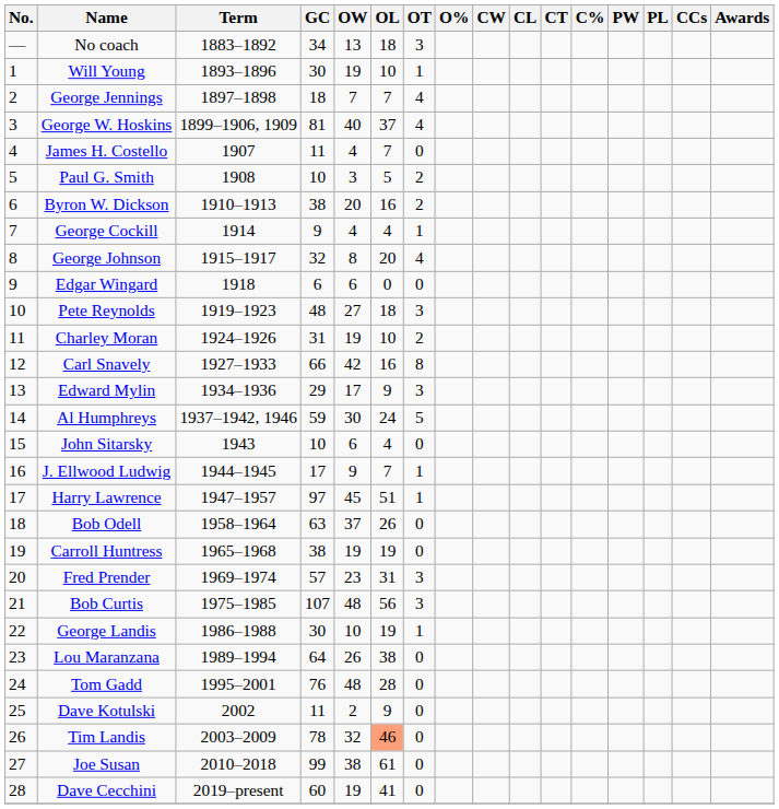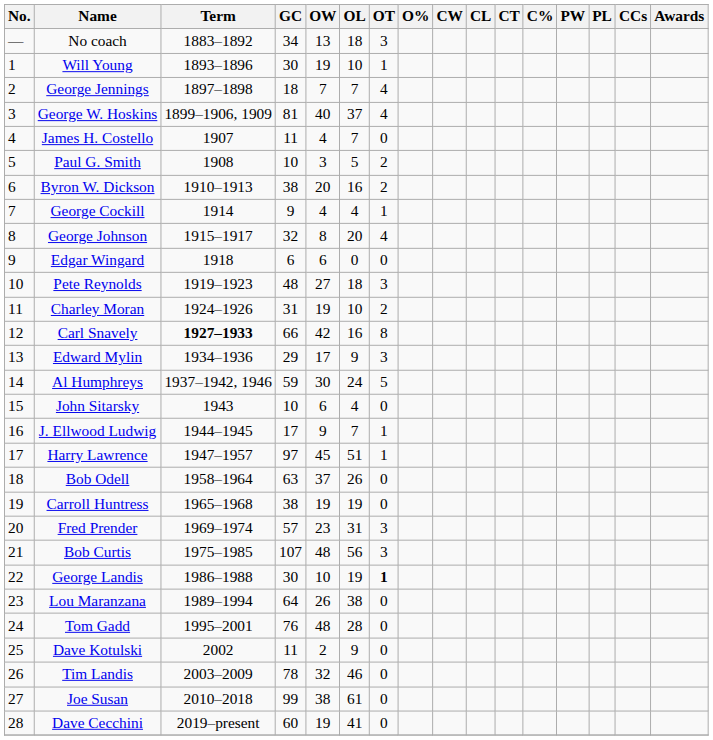 <table class="wikitable sortable">
 <tr>
 <th>No.</th>
 <th>Name</th>
 <th>Term</th>
 <th>GC</th>
 <th>OW</th>
 <th>OL</th>
 <th>OT</th>
 <th>O%</th>
 <th>CW</th>
 <th>CL</th>
 <th>CT</th>
 <th>C%</th>
 <th>PW</th>
 <th>PL</th>
 <th>CCs</th>
 <th class="unsortable">Awards</th>
 </tr>
 <tr>
 <td>—</td>
 <td align="center">No coach</td>
 <td align="center">1883–1892</td>
 <td align="center">34</td>
 <td align="center">13</td>
 <td align="center">18</td>
 <td align="center">3</td>
 <td align="center"></td>
 <td align="center"></td>
 <td align="center"></td>
 <td align="center"></td>
 <td align="center"></td>
 <td align="center"></td>
 <td align="center"></td>
 <td align="center"></td>
 <td align="center"></td>
 </tr>
 <tr>
 <td>1</td>
 <td align="center"><a href='#'>Will Young</a></td>
 <td align="center">1893–1896</td>
 <td align="center">30</td>
 <td align="center">19</td>
 <td align="center">10</td>
 <td align="center">1</td>
 <td align="center"></td>
 <td align="center"></td>
 <td align="center"></td>
 <td align="center"></td>
 <td align="center"></td>
 <td align="center"></td>
 <td align="center"></td>
 <td align="center"></td>
 <td align="center"></td>
 </tr>
 <tr>
 <td>2</td>
 <td align="center"><a href='#'>George Jennings</a></td>
 <td align="center">1897–1898</td>
 <td align="center">18</td>
 <td align="center">7</td>
 <td align="center">7</td>
 <td align="center">4</td>
 <td align="center"></td>
 <td align="center"></td>
 <td align="center"></td>
 <td align="center"></td>
 <td align="center"></td>
 <td align="center"></td>
 <td align="center"></td>
 <td align="center"></td>
 <td align="center"></td>
 </tr>
 <tr>
 <td>3</td>
 <td align="center"><a href='#'>George W. Hoskins</a></td>
 <td align="center">1899–1906, 1909</td>
 <td align="center">81</td>
 <td align="center">40</td>
 <td align="center">37</td>
 <td align="center">4</td>
 <td align="center"></td>
 <td align="center"></td>
 <td align="center"></td>
 <td align="center"></td>
 <td align="center"></td>
 <td align="center"></td>
 <td align="center"></td>
 <td align="center"></td>
 <td align="center"></td>
 </tr>
 <tr>
 <td>4</td>
 <td align="center"><a href='#'>James H. Costello</a></td>
 <td align="center">1907</td>
 <td align="center">11</td>
 <td align="center">4</td>
 <td align="center">7</td>
 <td align="center">0</td>
 <td align="center"></td>
 <td align="center"></td>
 <td align="center"></td>
 <td align="center"></td>
 <td align="center"></td>
 <td align="center"></td>
 <td align="center"></td>
 <td align="center"></td>
 <td align="center"></td>
 </tr>
 <tr>
 <td>5</td>
 <td align="center"><a href='#'>Paul G. Smith</a></td>
 <td align="center">1908</td>
 <td align="center">10</td>
 <td align="center">3</td>
 <td align="center">5</td>
 <td align="center">2</td>
 <td align="center"></td>
 <td align="center"></td>
 <td align="center"></td>
 <td align="center"></td>
 <td align="center"></td>
 <td align="center"></td>
 <td align="center"></td>
 <td align="center"></td>
 <td align="center"></td>
 </tr>
 <tr>
 <td>6</td>
 <td align="center"><a href='#'>Byron W. Dickson</a></td>
 <td align="center">1910–1913</td>
 <td align="center">38</td>
 <td align="center">20</td>
 <td align="center">16</td>
 <td align="center">2</td>
 <td align="center"></td>
 <td align="center"></td>
 <td align="center"></td>
 <td align="center"></td>
 <td align="center"></td>
 <td align="center"></td>
 <td align="center"></td>
 <td align="center"></td>
 <td align="center"></td>
 </tr>
 <tr>
 <td>7</td>
 <td align="center"><a href='#'>George Cockill</a></td>
 <td align="center">1914</td>
 <td align="center">9</td>
 <td align="center">4</td>
 <td align="center">4</td>
 <td align="center">1</td>
 <td align="center"></td>
 <td align="center"></td>
 <td align="center"></td>
 <td align="center"></td>
 <td align="center"></td>
 <td align="center"></td>
 <td align="center"></td>
 <td align="center"></td>
 <td align="center"></td>
 </tr>
 <tr>
 <td>8</td>
 <td align="center"><a href='#'>George Johnson</a></td>
 <td align="center">1915–1917</td>
 <td align="center">32</td>
 <td align="center">8</td>
 <td align="center">20</td>
 <td align="center">4</td>
 <td align="center"></td>
 <td align="center"></td>
 <td align="center"></td>
 <td align="center"></td>
 <td align="center"></td>
 <td align="center"></td>
 <td align="center"></td>
 <td align="center"></td>
 <td align="center"></td>
 </tr>
 <tr>
 <td>9</td>
 <td align="center"><a href='#'>Edgar Wingard</a></td>
 <td align="center">1918</td>
 <td align="center">6</td>
 <td align="center">6</td>
 <td align="center">0</td>
 <td align="center">0</td>
 <td align="center"></td>
 <td align="center"></td>
 <td align="center"></td>
 <td align="center"></td>
 <td align="center"></td>
 <td align="center"></td>
 <td align="center"></td>
 <td align="center"></td>
 <td align="center"></td>
 </tr>
 <tr>
 <td>10</td>
 <td align="center"><a href='#'>Pete Reynolds</a></td>
 <td align="center">1919–1923</td>
 <td align="center">48</td>
 <td align="center">27</td>
 <td align="center">18</td>
 <td align="center">3</td>
 <td align="center"></td>
 <td align="center"></td>
 <td align="center"></td>
 <td align="center"></td>
 <td align="center"></td>
 <td align="center"></td>
 <td align="center"></td>
 <td align="center"></td>
 <td align="center"></td>
 </tr>
 <tr>
 <td>11</td>
 <td align="center"><a href='#'>Charley Moran</a></td>
 <td align="center">1924–1926</td>
 <td align="center">31</td>
 <td align="center">19</td>
 <td align="center">10</td>
 <td align="center">2</td>
 <td align="center"></td>
 <td align="center"></td>
 <td align="center"></td>
 <td align="center"></td>
 <td align="center"></td>
 <td align="center"></td>
 <td align="center"></td>
 <td align="center"></td>
 <td align="center"></td>
 </tr>
 <tr>
 <td>12</td>
 <td align="center"><a href='#'>Carl Snavely</a></td>
-<td align="center">1927–1933</td>
+<td align="center"><strong>1927–1933</strong></td>
 <td align="center">66</td>
 <td align="center">42</td>
 <td align="center">16</td>
 <td align="center">8</td>
 <td align="center"></td>
 <td align="center"></td>
 <td align="center"></td>
 <td align="center"></td>
 <td align="center"></td>
 <td align="center"></td>
 <td align="center"></td>
 <td align="center"></td>
 <td align="center"></td>
 </tr>
 <tr>
 <td>13</td>
 <td align="center"><a href='#'>Edward Mylin</a></td>
 <td align="center">1934–1936</td>
 <td align="center">29</td>
 <td align="center">17</td>
 <td align="center">9</td>
 <td align="center">3</td>
 <td align="center"></td>
 <td align="center"></td>
 <td align="center"></td>
 <td align="center"></td>
 <td align="center"></td>
 <td align="center"></td>
 <td align="center"></td>
 <td align="center"></td>
 <td align="center"></td>
 </tr>
 <tr>
 <td>14</td>
 <td align="center"><a href='#'>Al Humphreys</a></td>
 <td align="center">1937–1942, 1946</td>
 <td align="center">59</td>
 <td align="center">30</td>
 <td align="center">24</td>
 <td align="center">5</td>
 <td align="center"></td>
 <td align="center"></td>
 <td align="center"></td>
 <td align="center"></td>
 <td align="center"></td>
 <td align="center"></td>
 <td align="center"></td>
 <td align="center"></td>
 <td align="center"></td>
 </tr>
 <tr>
 <td>15</td>
 <td align="center"><a href='#'>John Sitarsky</a></td>
 <td align="center">1943</td>
 <td align="center">10</td>
 <td align="center">6</td>
 <td align="center">4</td>
 <td align="center">0</td>
 <td align="center"></td>
 <td align="center"></td>
 <td align="center"></td>
 <td align="center"></td>
 <td align="center"></td>
 <td align="center"></td>
 <td align="center"></td>
 <td align="center"></td>
 <td align="center"></td>
 </tr>
 <tr>
 <td>16</td>
 <td align="center"><a href='#'>J. Ellwood Ludwig</a></td>
 <td align="center">1944–1945</td>
 <td align="center">17</td>
 <td align="center">9</td>
 <td align="center">7</td>
 <td align="center">1</td>
 <td align="center"></td>
 <td align="center"></td>
 <td align="center"></td>
 <td align="center"></td>
 <td align="center"></td>
 <td align="center"></td>
 <td align="center"></td>
 <td align="center"></td>
 <td align="center"></td>
 </tr>
 <tr>
 <td>17</td>
 <td align="center"><a href='#'>Harry Lawrence</a></td>
 <td align="center">1947–1957</td>
 <td align="center">97</td>
 <td align="center">45</td>
 <td align="center">51</td>
 <td align="center">1</td>
 <td align="center"></td>
 <td align="center"></td>
 <td align="center"></td>
 <td align="center"></td>
 <td align="center"></td>
 <td align="center"></td>
 <td align="center"></td>
 <td align="center"></td>
 <td align="center"></td>
 </tr>
 <tr>
 <td>18</td>
 <td align="center"><a href='#'>Bob Odell</a></td>
 <td align="center">1958–1964</td>
 <td align="center">63</td>
 <td align="center">37</td>
 <td align="center">26</td>
 <td align="center">0</td>
 <td align="center"></td>
 <td align="center"></td>
 <td align="center"></td>
 <td align="center"></td>
 <td align="center"></td>
 <td align="center"></td>
 <td align="center"></td>
 <td align="center"></td>
 <td align="center"></td>
 </tr>
 <tr>
 <td>19</td>
 <td align="center"><a href='#'>Carroll Huntress</a></td>
 <td align="center">1965–1968</td>
 <td align="center">38</td>
 <td align="center">19</td>
 <td align="center">19</td>
 <td align="center">0</td>
 <td align="center"></td>
 <td align="center"></td>
 <td align="center"></td>
 <td align="center"></td>
 <td align="center"></td>
 <td align="center"></td>
 <td align="center"></td>
 <td align="center"></td>
 <td align="center"></td>
 </tr>
 <tr>
 <td>20</td>
 <td align="center"><a href='#'>Fred Prender</a></td>
 <td align="center">1969–1974</td>
 <td align="center">57</td>
 <td align="center">23</td>
 <td align="center">31</td>
 <td align="center">3</td>
 <td align="center"></td>
 <td align="center"></td>
 <td align="center"></td>
 <td align="center"></td>
 <td align="center"></td>
 <td align="center"></td>
 <td align="center"></td>
 <td align="center"></td>
 <td align="center"></td>
 </tr>
 <tr>
 <td>21</td>
 <td align="center"><a href='#'>Bob Curtis</a></td>
 <td align="center">1975–1985</td>
 <td align="center">107</td>
 <td align="center">48</td>
 <td align="center">56</td>
 <td align="center">3</td>
 <td align="center"></td>
 <td align="center"></td>
 <td align="center"></td>
 <td align="center"></td>
 <td align="center"></td>
 <td align="center"></td>
 <td align="center"></td>
 <td align="center"></td>
 <td align="center"></td>
 </tr>
 <tr>
 <td>22</td>
 <td align="center"><a href='#'>George Landis</a></td>
 <td align="center">1986–1988</td>
 <td align="center">30</td>
 <td align="center">10</td>
 <td align="center">19</td>
-<td align="center">1</td>
+<td align="center"><strong>1</strong></td>
 <td align="center"></td>
 <td align="center"></td>
 <td align="center"></td>
 <td align="center"></td>
 <td align="center"></td>
 <td align="center"></td>
 <td align="center"></td>
 <td align="center"></td>
 <td align="center"></td>
 </tr>
 <tr>
 <td>23</td>
 <td align="center"><a href='#'>Lou Maranzana</a></td>
 <td align="center">1989–1994</td>
 <td align="center">64</td>
 <td align="center">26</td>
 <td align="center">38</td>
 <td align="center">0</td>
 <td align="center"></td>
 <td align="center"></td>
 <td align="center"></td>
 <td align="center"></td>
 <td align="center"></td>
 <td align="center"></td>
 <td align="center"></td>
 <td align="center"></td>
 </tr>
 <tr>
 <td>24</td>
 <td align="center"><a href='#'>Tom Gadd</a></td>
 <td align="center">1995–2001</td>
 <td align="center">76</td>
 <td align="center">48</td>
 <td align="center">28</td>
 <td align="center">0</td>
 <td align="center"></td>
 <td align="center"></td>
 <td align="center"></td>
 <td align="center"></td>
 <td align="center"></td>
 <td align="center"></td>
 <td align="center"></td>
 <td align="center"></td>
 <td align="center"></td>
 </tr>
 <tr>
 <td>25</td>
 <td align="center"><a href='#'>Dave Kotulski</a></td>
 <td align="center">2002</td>
 <td align="center">11</td>
 <td align="center">2</td>
 <td align="center">9</td>
 <td align="center">0</td>
 <td align="center"></td>
 <td align="center"></td>
 <td align="center"></td>
 <td align="center"></td>
 <td align="center"></td>
 <td align="center"></td>
 <td align="center"></td>
 <td align="center"></td>
 <td align="center"></td>
 </tr>
 <tr>
 <td>26</td>
 <td align="center"><a href='#'>Tim Landis</a></td>
 <td align="center">2003–2009</td>
 <td align="center">78</td>
 <td align="center">32</td>
-<td align="center" style="background: lightsalmon;">46</td>
+<td align="center">46</td>
 <td align="center">0</td>
 <td align="center"></td>
 <td align="center"></td>
 <td align="center"></td>
 <td align="center"></td>
 <td align="center"></td>
 <td align="center"></td>
 <td align="center"></td>
 <td align="center"></td>
 <td align="center"></td>
 </tr>
 <tr>
 <td>27</td>
 <td align="center"><a href='#'>Joe Susan</a></td>
 <td align="center">2010–2018</td>
 <td align="center">99</td>
 <td align="center">38</td>
 <td align="center">61</td>
 <td align="center">0</td>
 <td align="center"></td>
 <td align="center"></td>
 <td align="center"></td>
 <td align="center"></td>
 <td align="center"></td>
 <td align="center"></td>
 <td align="center"></td>
 <td align="center"></td>
 <td align="center"></td>
 </tr>
 <tr>
 <td>28</td>
 <td align="center"><a href='#'>Dave Cecchini</a></td>
 <td align="center">2019–present</td>
 <td align="center">60</td>
 <td align="center">19</td>
 <td align="center">41</td>
 <td align="center">0</td>
 <td align="center"></td>
 <td align="center"></td>
 <td align="center"></td>
 <td align="center"></td>
 <td align="center"></td>
 <td align="center"></td>
 <td align="center"></td>
 <td align="center"></td>
 <td align="center"></td>
 </tr>
 <tr>
 </tr>
 </table>
